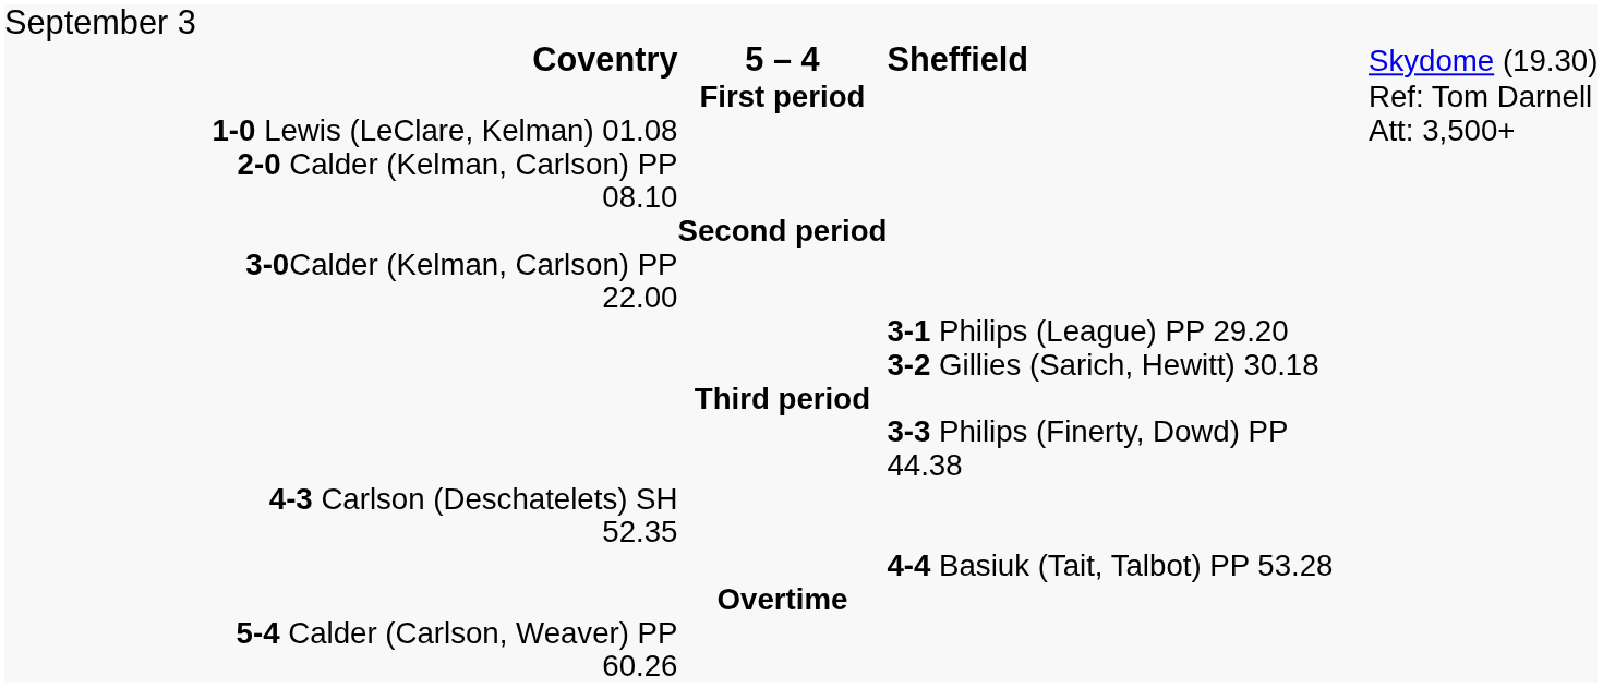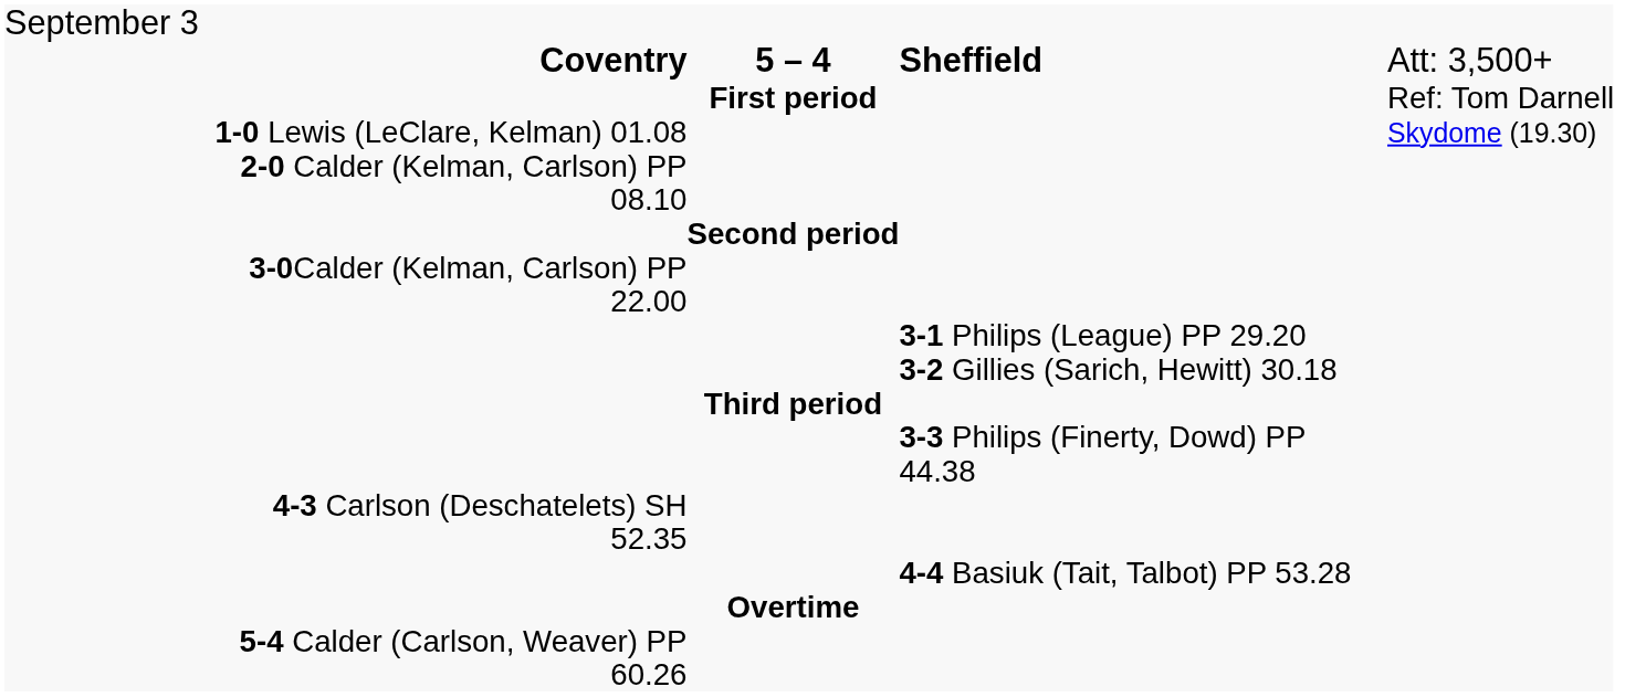 <table cellpadding=0 cellspacing=0 border=0 style="background-color:#F8F8F8">
 <tr>
 <td></td>
 </tr>
 <tr>
 <td>September 3</td>
 </tr>
 <tr>
 <td></td>
 <td align=right width="230"><strong>Coventry</strong></td>
 <td align=center><strong>5 – 4</strong></td>
 <td width="230"><strong>Sheffield</strong></td>
 <td></td>
-<td style=font-size:90%><a href='#'>Skydome</a> (19.30)</td>
+<td>Att: 3,500+</td>
 </tr>
 <tr style=font-size:90%>
 <td></td>
 <td></td>
 <td align=center><strong>First period</strong></td>
 <td></td>
 <td></td>
 <td>Ref: Tom Darnell</td>
 </tr>
 <tr style=font-size:90%>
 <td></td>
 <td align=right><strong>1-0</strong> Lewis (LeClare, Kelman) 01.08</td>
 <td></td>
 <td></td>
 <td></td>
-<td>Att: 3,500+</td>
+<td style=font-size:90%><a href='#'>Skydome</a> (19.30)</td>
 </tr>
 <tr style=font-size:90%>
 <td></td>
 <td align=right><strong>2-0</strong> Calder (Kelman, Carlson) PP 08.10</td>
 <td></td>
 <td></td>
 </tr>
 <tr style=font-size:90%>
 <td></td>
 <td></td>
 <td align=center><strong>Second period</strong></td>
 <td></td>
 <td></td>
 <td></td>
 </tr>
 <tr style=font-size:90%>
 <td></td>
 <td align=right><strong>3-0</strong>Calder (Kelman, Carlson) PP 22.00</td>
 </tr>
 <tr style=font-size:90%>
 <td></td>
 <td align=right></td>
 <td></td>
 <td><strong>3-1</strong> Philips (League) PP 29.20</td>
 </tr>
 <tr style=font-size:90%>
 <td></td>
 <td align=right></td>
 <td></td>
 <td><strong>3-2</strong> Gillies (Sarich, Hewitt) 30.18</td>
 </tr>
 <tr style=font-size:90%>
 <td></td>
 <td></td>
 <td align=center><strong>Third period</strong></td>
 <td></td>
 <td></td>
 <td></td>
 </tr>
 <tr style=font-size:90%>
 <td></td>
 <td align=right></td>
 <td></td>
 <td><strong>3-3</strong> Philips (Finerty, Dowd) PP 44.38</td>
 </tr>
 <tr style=font-size:90%>
 <td></td>
 <td align=right><strong>4-3</strong> Carlson (Deschatelets) SH 52.35</td>
 </tr>
 <tr style=font-size:90%>
 <td></td>
 <td align=right></td>
 <td></td>
 <td><strong>4-4</strong> Basiuk (Tait, Talbot) PP 53.28</td>
 </tr>
 <tr style=font-size:90%>
 <td></td>
 <td></td>
 <td align=center><strong>Overtime</strong></td>
 <td></td>
 <td></td>
 <td></td>
 </tr>
 <tr style=font-size:90%>
 <td></td>
 <td align=right><strong>5-4</strong> Calder (Carlson, Weaver) PP 60.26</td>
 </tr>
 </table>
